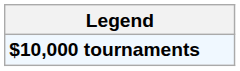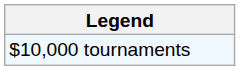 <table class="wikitable" style="font-size:85%; width:13%;">
 <tr>
 <th>Legend</th>
 </tr>
 <tr style="background:#f0f8ff;">
-<td><strong>$10,000 tournaments</strong></td>
+<td>$10,000 tournaments</td>
 </tr>
 </table>
